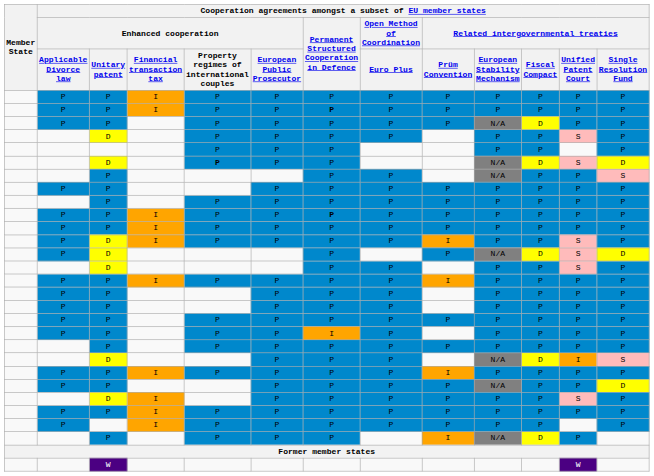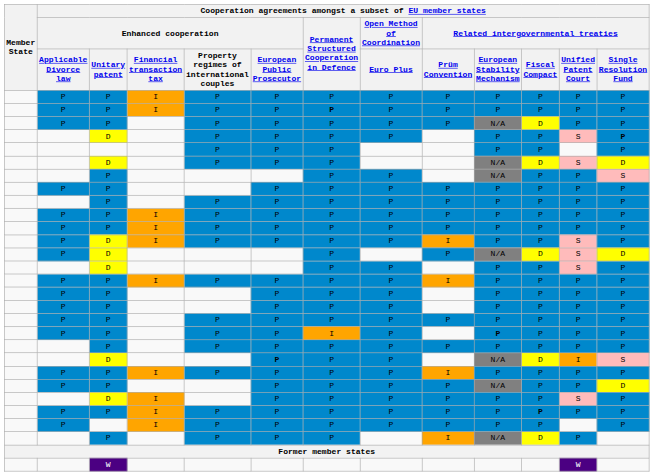 <table class="wikitable" style="text-align: center">
 <tr>
 <th rowspan="3">Member State</th>
 <th colspan="12">Cooperation agreements amongst a subset of <a href='#'>EU member states</a></th>
 </tr>
 <tr>
 <th colspan=5>Enhanced cooperation</th>
 <th rowspan=2; style="width:72px;"><a href='#'>Permanent Structured Cooperation in Defence</a></th>
 <th><a href='#'>Open Method of Coordination</a></th>
 <th colspan=5><a href='#'>Related intergovernmental treaties</a></th>
 </tr>
 <tr>
 <th style="width:72px;"><a href='#'>Applicable Divorce law</a></th>
 <th style="width:72px;"><a href='#'>Unitary patent</a></th>
 <th style="width:72px;"><a href='#'>Financial transaction tax</a></th>
 <th style="width:72px;">Property regimes of international couples</th>
 <th style="width:72px;"><a href='#'>European Public Prosecutor</a></th>
 <th style="width:72px;"><a href='#'>Euro Plus</a></th>
 <th style="width:72px;"><a href='#'>Prüm Convention</a></th>
 <th style="width:72px;"><a href='#'>European Stability Mechanism</a></th>
 <th style="width:72px;"><a href='#'>Fiscal Compact</a></th>
 <th style="width:72px;"><a href='#'>Unified Patent Court</a></th>
 <th style="width:72px;"><a href='#'>Single Resolution Fund</a></th>
 </tr>
 <tr>
 <td style="text-align: left"></td>
 <td style="background: #0088cc;">P</td>
 <td style="background: #0088cc;">P</td>
 <td style="background:orange;">I</td>
 <td style="background: #0088cc;">P</td>
 <td style="background: #0088cc;">P</td>
 <td style="background: #0088cc;">P</td>
 <td style="background: #0088cc;">P</td>
 <td style="background: #0088cc;">P</td>
 <td style="background: #0088cc;">P</td>
 <td style="background: #0088cc;">P</td>
 <td style="background: #0088cc;">P</td>
 <td style="background: #0088cc;">P</td>
 </tr>
 <tr>
 <td style="text-align: left"></td>
 <td style="background: #0088cc;">P</td>
 <td style="background: #0088cc;">P</td>
 <td style="background:orange;">I</td>
 <td style="background: #0088cc;">P</td>
 <td style="background: #0088cc;">P</td>
 <td style="background: #0088cc;"><strong>P</strong></td>
 <td style="background: #0088cc;">P</td>
 <td style="background: #0088cc;">P</td>
 <td style="background: #0088cc;">P</td>
 <td style="background: #0088cc;">P</td>
 <td style="background: #0088cc;">P</td>
 <td style="background: #0088cc;">P</td>
 </tr>
 <tr>
 <td style="text-align: left"></td>
 <td style="background: #0088cc;">P</td>
 <td style="background: #0088cc;">P</td>
 <td></td>
 <td style="background: #0088cc;">P</td>
 <td style="background: #0088cc;">P</td>
 <td style="background: #0088cc;">P</td>
 <td style="background: #0088cc;">P</td>
 <td style="background: #0088cc;">P</td>
 <td style="background: #808080;">N/A</td>
 <td style="background:#FFFF00;">D</td>
 <td style="background: #0088cc;">P</td>
 <td style="background: #0088cc;">P</td>
 </tr>
 <tr>
 <td style="text-align: left"></td>
 <td></td>
 <td style="background:#FFFF00;">D</td>
 <td></td>
 <td style="background: #0088cc;">P</td>
 <td style="background: #0088cc;">P</td>
 <td style="background: #0088cc;">P</td>
 <td style="background: #0088cc;">P</td>
 <td></td>
 <td style="background: #0088cc;">P</td>
 <td style="background: #0088cc;">P</td>
 <td style="background:#ffbbbb;">S</td>
-<td style="background: #0088cc;">P</td>
+<td style="background: #0088cc;"><strong>P</strong></td>
 </tr>
 <tr>
 <td style="text-align: left"></td>
 <td></td>
 <td></td>
 <td></td>
 <td style="background: #0088cc;">P</td>
 <td style="background: #0088cc;">P</td>
 <td style="background: #0088cc;">P</td>
 <td></td>
 <td></td>
 <td style="background: #0088cc;">P</td>
 <td style="background: #0088cc;">P</td>
 <td></td>
 <td style="background: #0088cc;">P</td>
 </tr>
 <tr>
 <td style="text-align: left"></td>
 <td></td>
 <td style="background:#FFFF00;">D</td>
 <td></td>
-<td style="background: #0088cc;"><strong>P</strong></td>
+<td style="background: #0088cc;">P</td>
 <td style="background: #0088cc;">P</td>
 <td style="background: #0088cc;">P</td>
 <td></td>
 <td></td>
 <td style="background: #808080;">N/A</td>
 <td style="background:#FFFF00;">D</td>
 <td style="background:#ffbbbb;">S</td>
 <td style="background:#FFFF00;">D</td>
 </tr>
 <tr>
 <td style="text-align: left"></td>
 <td></td>
 <td style="background: #0088cc;">P</td>
 <td></td>
 <td></td>
 <td></td>
 <td style="background: #0088cc;">P</td>
 <td style="background: #0088cc;">P</td>
 <td></td>
 <td style="background: #808080;">N/A</td>
 <td style="background: #0088cc;">P</td>
 <td style="background: #0088cc;">P</td>
 <td style="background:#ffbbbb;">S</td>
 </tr>
 <tr>
 <td style="text-align: left"></td>
 <td style="background: #0088cc;">P</td>
 <td style="background: #0088cc;">P</td>
 <td></td>
 <td></td>
 <td style="background: #0088cc;">P</td>
 <td style="background: #0088cc;">P</td>
 <td style="background: #0088cc;">P</td>
 <td style="background: #0088cc;">P</td>
 <td style="background: #0088cc;">P</td>
 <td style="background: #0088cc;">P</td>
 <td style="background: #0088cc;">P</td>
 <td style="background: #0088cc;">P</td>
 </tr>
 <tr>
 <td style="text-align: left"></td>
 <td></td>
 <td style="background: #0088cc;">P</td>
 <td></td>
 <td style="background: #0088cc;">P</td>
 <td style="background: #0088cc;">P</td>
 <td style="background: #0088cc;">P</td>
 <td style="background: #0088cc;">P</td>
 <td style="background: #0088cc;">P</td>
 <td style="background: #0088cc;">P</td>
 <td style="background: #0088cc;">P</td>
 <td style="background: #0088cc;">P</td>
 <td style="background: #0088cc;">P</td>
 </tr>
 <tr>
 <td style="text-align: left"></td>
 <td style="background: #0088cc;">P</td>
 <td style="background: #0088cc;">P</td>
 <td style="background:orange;">I</td>
 <td style="background: #0088cc;">P</td>
 <td style="background: #0088cc;">P</td>
-<td style="background: #0088cc;"><strong>P</strong></td>
+<td style="background: #0088cc;">P</td>
 <td style="background: #0088cc;">P</td>
 <td style="background: #0088cc;">P</td>
 <td style="background: #0088cc;">P</td>
 <td style="background: #0088cc;">P</td>
 <td style="background: #0088cc;">P</td>
 <td style="background: #0088cc;">P</td>
 </tr>
 <tr>
 <td style="text-align: left"></td>
 <td style="background: #0088cc;">P</td>
 <td style="background: #0088cc;">P</td>
 <td style="background:orange;">I</td>
 <td style="background: #0088cc;">P</td>
 <td style="background: #0088cc;">P</td>
 <td style="background: #0088cc;">P</td>
 <td style="background: #0088cc;">P</td>
 <td style="background: #0088cc;">P</td>
 <td style="background: #0088cc;">P</td>
 <td style="background: #0088cc;">P</td>
 <td style="background: #0088cc;">P</td>
 <td style="background: #0088cc;">P</td>
 </tr>
 <tr>
 <td style="text-align: left"></td>
 <td style="background: #0088cc;">P</td>
 <td style="background:#FFFF00;">D</td>
 <td style="background:orange;">I</td>
 <td style="background: #0088cc;">P</td>
 <td style="background: #0088cc;">P</td>
 <td style="background: #0088cc;">P</td>
 <td style="background: #0088cc;">P</td>
 <td style="background:orange;">I</td>
 <td style="background: #0088cc;">P</td>
 <td style="background: #0088cc;">P</td>
 <td style="background:#ffbbbb;">S</td>
 <td style="background: #0088cc;">P</td>
 </tr>
 <tr>
 <td style="text-align: left"></td>
 <td style="background: #0088cc;">P</td>
 <td style="background:#FFFF00;">D</td>
 <td></td>
 <td></td>
 <td></td>
 <td style="background: #0088cc;">P</td>
 <td></td>
 <td style="background: #0088cc;">P</td>
 <td style="background: #808080;">N/A</td>
 <td style="background:#FFFF00;">D</td>
 <td style="background:#ffbbbb;">S</td>
 <td style="background:#FFFF00;">D</td>
 </tr>
 <tr>
 <td style="text-align: left"></td>
 <td></td>
 <td style="background:#FFFF00;">D</td>
 <td></td>
 <td></td>
 <td></td>
 <td style="background: #0088cc;">P</td>
 <td style="background: #0088cc;">P</td>
 <td></td>
 <td style="background: #0088cc;">P</td>
 <td style="background: #0088cc;">P</td>
 <td style="background:#ffbbbb;">S</td>
 <td style="background: #0088cc;">P</td>
 </tr>
 <tr>
 <td style="text-align: left"></td>
 <td style="background: #0088cc;">P</td>
 <td style="background: #0088cc;">P</td>
 <td style="background:orange;">I</td>
 <td style="background: #0088cc;">P</td>
 <td style="background: #0088cc;">P</td>
 <td style="background: #0088cc;">P</td>
 <td style="background: #0088cc;">P</td>
 <td style="background:orange;">I</td>
 <td style="background: #0088cc;">P</td>
 <td style="background: #0088cc;">P</td>
 <td style="background: #0088cc;">P</td>
 <td style="background: #0088cc;">P</td>
 </tr>
 <tr>
 <td style="text-align: left"></td>
 <td style="background: #0088cc;">P</td>
 <td style="background: #0088cc;">P</td>
 <td></td>
 <td></td>
 <td style="background: #0088cc;">P</td>
 <td style="background: #0088cc;">P</td>
 <td style="background: #0088cc;">P</td>
 <td></td>
 <td style="background: #0088cc;">P</td>
 <td style="background: #0088cc;">P</td>
 <td style="background: #0088cc;">P</td>
 <td style="background: #0088cc;">P</td>
 </tr>
 <tr>
 <td style="text-align: left"></td>
 <td style="background:#0088cc;">P</td>
 <td style="background: #0088cc;">P</td>
 <td></td>
 <td></td>
 <td style="background: #0088cc;">P</td>
 <td style="background: #0088cc;">P</td>
 <td style="background: #0088cc;">P</td>
 <td></td>
 <td style="background: #0088cc;">P</td>
 <td style="background: #0088cc;">P</td>
 <td style="background: #0088cc;">P</td>
 <td style="background: #0088cc;">P</td>
 </tr>
 <tr>
 <td style="text-align: left"></td>
 <td style="background: #0088cc;">P</td>
 <td style="background: #0088cc;">P</td>
 <td></td>
 <td style="background: #0088cc;">P</td>
 <td style="background: #0088cc;">P</td>
 <td style="background: #0088cc;">P</td>
 <td style="background: #0088cc;">P</td>
 <td style="background: #0088cc;">P</td>
 <td style="background: #0088cc;">P</td>
 <td style="background: #0088cc;">P</td>
 <td style="background: #0088cc;">P</td>
 <td style="background: #0088cc;">P</td>
 </tr>
 <tr>
 <td style="text-align: left"></td>
 <td style="background: #0088cc;">P</td>
 <td style="background: #0088cc;">P</td>
 <td></td>
 <td style="background: #0088cc;">P</td>
 <td style="background: #0088cc;">P</td>
 <td style="background:orange;">I</td>
 <td style="background: #0088cc;">P</td>
 <td></td>
-<td style="background: #0088cc;">P</td>
+<td style="background: #0088cc;"><strong>P</strong></td>
 <td style="background: #0088cc;">P</td>
 <td style="background: #0088cc;">P</td>
 <td style="background: #0088cc;">P</td>
 </tr>
 <tr>
 <td style="text-align: left"></td>
 <td></td>
 <td style="background: #0088cc;">P</td>
 <td></td>
 <td style="background: #0088cc;">P</td>
 <td style="background: #0088cc;">P</td>
 <td style="background: #0088cc;">P</td>
 <td style="background: #0088cc;">P</td>
 <td style="background: #0088cc;">P</td>
 <td style="background: #0088cc;">P</td>
 <td style="background: #0088cc;">P</td>
 <td style="background: #0088cc;">P</td>
 <td style="background: #0088cc;">P</td>
 </tr>
 <tr>
 <td style="text-align: left"></td>
 <td></td>
 <td style="background:#FFFF00;">D</td>
 <td></td>
 <td></td>
-<td style="background: #0088cc;">P</td>
+<td style="background: #0088cc;"><strong>P</strong></td>
 <td style="background: #0088cc;">P</td>
 <td style="background: #0088cc;">P</td>
 <td></td>
 <td style="background: #808080;">N/A</td>
 <td style="background:#FFFF00;">D</td>
 <td style="background:orange;">I</td>
 <td style="background:#ffbbbb;">S</td>
 </tr>
 <tr>
 <td style="text-align: left"></td>
 <td style="background: #0088cc;">P</td>
 <td style="background: #0088cc;">P</td>
 <td style="background:orange;">I</td>
 <td style="background: #0088cc;">P</td>
 <td style="background: #0088cc;">P</td>
 <td style="background: #0088cc;">P</td>
 <td style="background: #0088cc;">P</td>
 <td style="background:orange;">I</td>
 <td style="background: #0088cc;">P</td>
 <td style="background: #0088cc;">P</td>
 <td style="background: #0088cc;">P</td>
 <td style="background: #0088cc;">P</td>
 </tr>
 <tr>
 <td style="text-align: left"></td>
 <td style="background: #0088cc;">P</td>
 <td style="background: #0088cc;">P</td>
 <td></td>
 <td></td>
 <td style="background: #0088cc;">P</td>
 <td style="background: #0088cc;">P</td>
 <td style="background: #0088cc;">P</td>
 <td style="background: #0088cc;">P</td>
 <td style="background: #808080;">N/A</td>
 <td style="background: #0088cc;">P</td>
 <td style="background: #0088cc;">P</td>
 <td style="background:#FFFF00;">D</td>
 </tr>
 <tr>
 <td style="text-align: left"></td>
 <td></td>
 <td style="background:#FFFF00;">D</td>
 <td style="background:orange;">I</td>
 <td></td>
 <td style="background: #0088cc;">P</td>
 <td style="background: #0088cc;">P</td>
 <td style="background: #0088cc;">P</td>
 <td style="background: #0088cc;">P</td>
 <td style="background: #0088cc;">P</td>
 <td style="background: #0088cc;">P</td>
 <td style="background:#ffbbbb;">S</td>
 <td style="background: #0088cc;">P</td>
 </tr>
 <tr>
 <td style="text-align: left"></td>
 <td style="background: #0088cc;">P</td>
 <td style="background: #0088cc;">P</td>
 <td style="background:orange;">I</td>
 <td style="background: #0088cc;">P</td>
 <td style="background: #0088cc;">P</td>
 <td style="background: #0088cc;">P</td>
 <td style="background: #0088cc;">P</td>
 <td style="background: #0088cc;">P</td>
 <td style="background: #0088cc;">P</td>
-<td style="background: #0088cc;">P</td>
+<td style="background: #0088cc;"><strong>P</strong></td>
 <td style="background: #0088cc;">P</td>
 <td style="background: #0088cc;">P</td>
 </tr>
 <tr>
 <td style="text-align: left"></td>
 <td style="background: #0088cc;">P</td>
 <td></td>
 <td style="background:orange;">I</td>
 <td style="background: #0088cc;">P</td>
 <td style="background: #0088cc;">P</td>
 <td style="background: #0088cc;">P</td>
 <td style="background: #0088cc;">P</td>
 <td style="background: #0088cc;">P</td>
 <td style="background: #0088cc;">P</td>
 <td style="background: #0088cc;">P</td>
 <td></td>
 <td style="background: #0088cc;">P</td>
 </tr>
 <tr>
 <td style="text-align: left"></td>
 <td></td>
 <td style="background: #0088cc;">P</td>
 <td></td>
 <td style="background: #0088cc;">P</td>
 <td style="background: #0088cc;">P</td>
 <td style="background: #0088cc;">P</td>
 <td></td>
 <td style="background:orange;">I</td>
 <td style="background: #808080;">N/A</td>
 <td style="background:#FFFF00;">D</td>
 <td style="background: #0088cc;">P</td>
 <td></td>
 </tr>
 <tr>
 <th colspan="13">Former member states</th>
 </tr>
 <tr>
 <td style="text-align: left"></td>
 <td></td>
 <td style="color:white; background:#4B0082;">W</td>
 <td></td>
 <td></td>
 <td></td>
 <td></td>
 <td></td>
 <td></td>
 <td></td>
 <td></td>
 <td style="color:white; background:#4B0082;">W</td>
 <td></td>
 </tr>
 </table>
